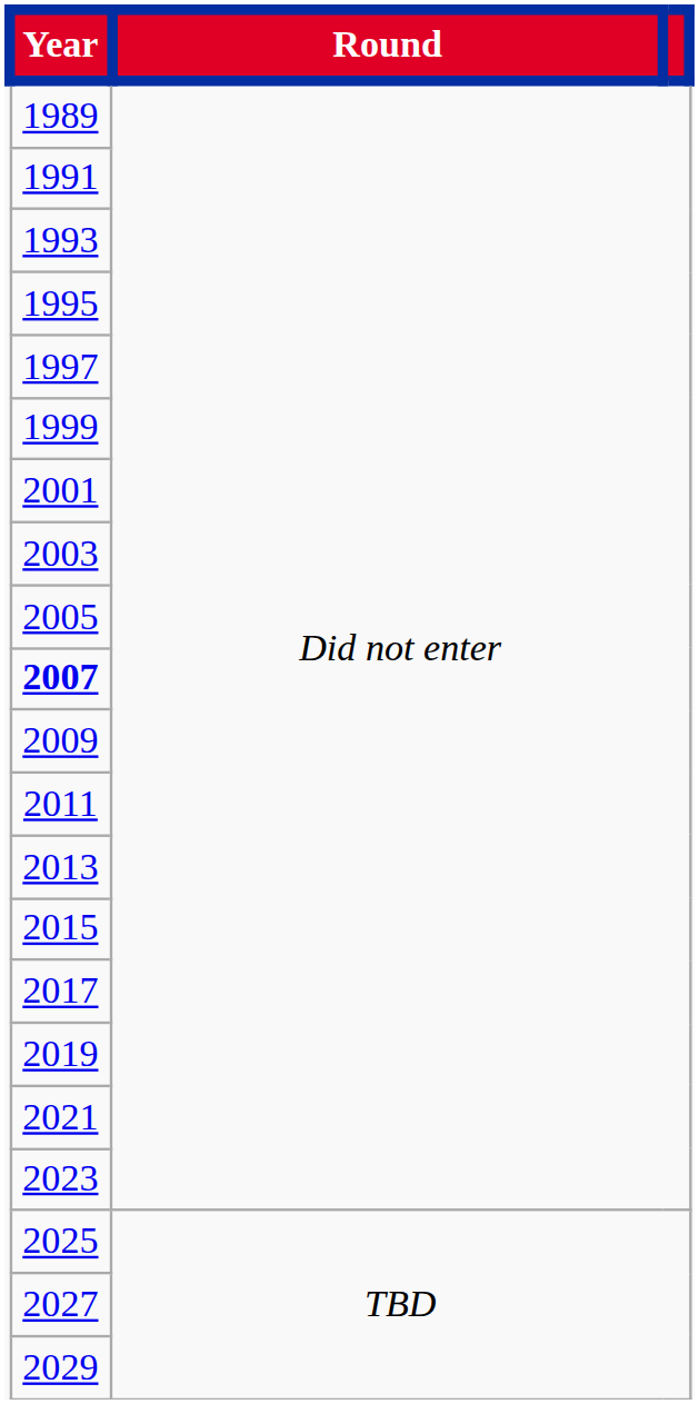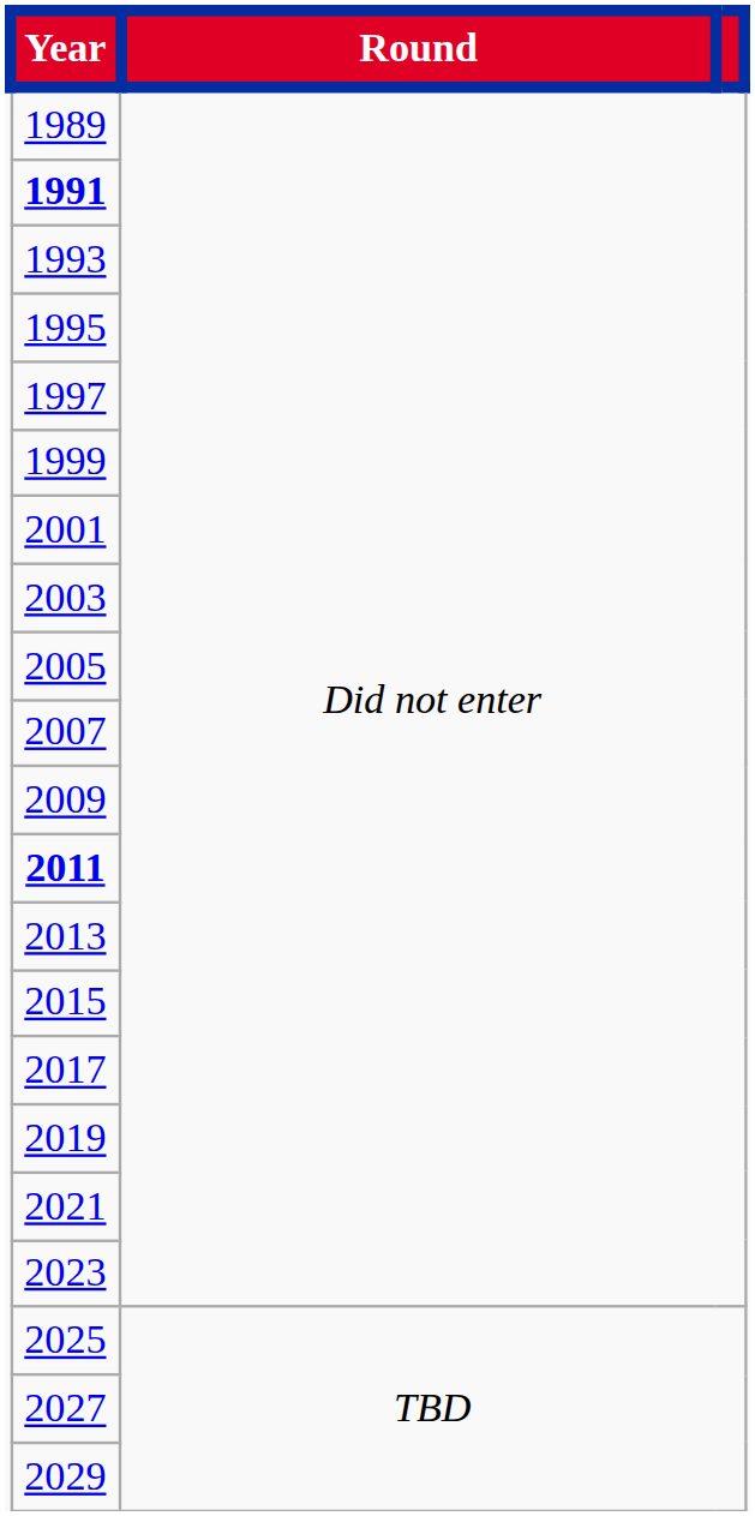 <table class="wikitable" style="text-align: center; font-size:90%">
 <tr style="color:white;">
 <th style="background:#e00025; border: 4px solid #032ea1;">Year</th>
 <th style="background:#e00025; border: 4px solid #032ea1; width:200px">Round</th>
 <th style="background:#e00025; border: 4px solid #032ea1;"></th>
 </tr>
 <tr>
 <td><a href='#'>1989</a></td>
 <td colspan="2" rowspan="18"><em>Did not enter</em></td>
 </tr>
 <tr>
-<td><a href='#'>1991</a></td>
+<td><strong><a href='#'>1991</a></strong></td>
 </tr>
 <tr>
 <td><a href='#'>1993</a></td>
 </tr>
 <tr>
 <td><a href='#'>1995</a></td>
 </tr>
 <tr>
 <td><a href='#'>1997</a></td>
 </tr>
 <tr>
 <td><a href='#'>1999</a></td>
 </tr>
 <tr>
 <td><a href='#'>2001</a></td>
 </tr>
 <tr>
 <td><a href='#'>2003</a></td>
 </tr>
 <tr>
 <td><a href='#'>2005</a></td>
 </tr>
 <tr>
-<td><strong><a href='#'>2007</a></strong></td>
+<td><a href='#'>2007</a></td>
 </tr>
 <tr>
 <td><a href='#'>2009</a></td>
 </tr>
 <tr>
-<td><a href='#'>2011</a></td>
+<td><strong><a href='#'>2011</a></strong></td>
 </tr>
 <tr>
 <td><a href='#'>2013</a></td>
 </tr>
 <tr>
 <td><a href='#'>2015</a></td>
 </tr>
 <tr>
 <td><a href='#'>2017</a></td>
 </tr>
 <tr>
 <td><a href='#'>2019</a></td>
 </tr>
 <tr>
 <td><a href='#'>2021</a></td>
 </tr>
 <tr>
 <td><a href='#'>2023</a></td>
 </tr>
 <tr>
 <td><a href='#'>2025</a></td>
 <td colspan="2" rowspan="3"><em>TBD</em></td>
 </tr>
 <tr>
 <td><a href='#'>2027</a></td>
 </tr>
 <tr>
 <td><a href='#'>2029</a></td>
 </tr>
 </table>
